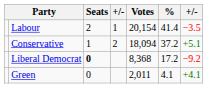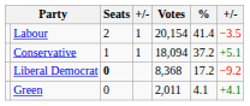 <table class="wikitable">
 <tr>
 <th colspan="2">Party</th>
 <th>Seats</th>
 <th>+/-</th>
 <th>Votes</th>
 <th>%</th>
 <th>+/-</th>
 </tr>
 <tr>
 <td style="background-color: "></td>
 <td><a href='#'>Labour</a></td>
 <td>2</td>
 <td> 1</td>
 <td>20,154</td>
 <td>41.4</td>
 <td style="color:red">−3.5</td>
 </tr>
 <tr>
 <td style="background-color: "></td>
 <td><a href='#'>Conservative</a></td>
 <td>1</td>
-<td> 2</td>
+<td> 1</td>
 <td>18,094</td>
 <td>37.2</td>
 <td style="color:green">+5.1</td>
 </tr>
 <tr>
 <td style="background-color: "></td>
 <td><a href='#'>Liberal Democrat</a></td>
 <td><strong>0</strong></td>
 <td></td>
 <td>8,368</td>
 <td>17.2</td>
 <td style="color:red">−9.2</td>
 </tr>
 <tr>
 <td style="background-color: "></td>
 <td><a href='#'>Green</a></td>
 <td>0</td>
 <td></td>
 <td>2,011</td>
 <td>4.1</td>
 <td style="color:green">+4.1</td>
 </tr>
 </table>
